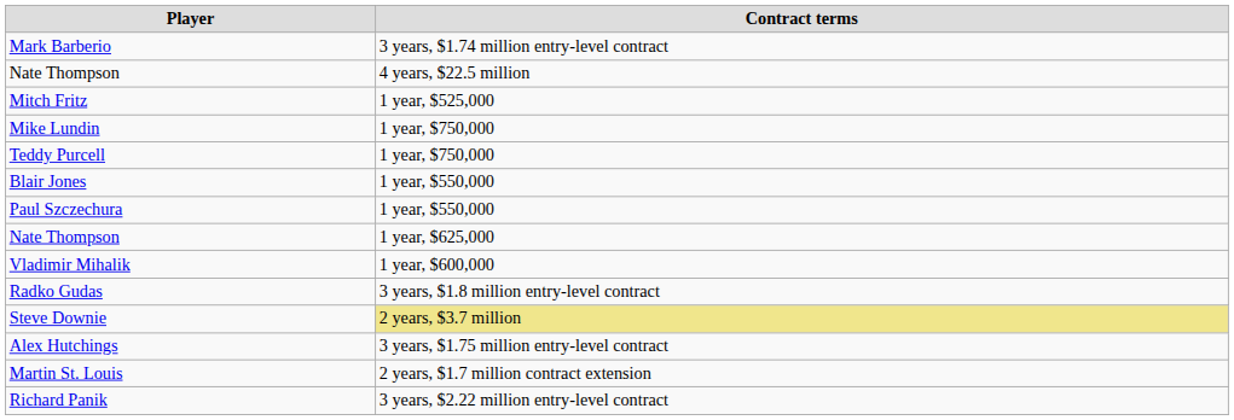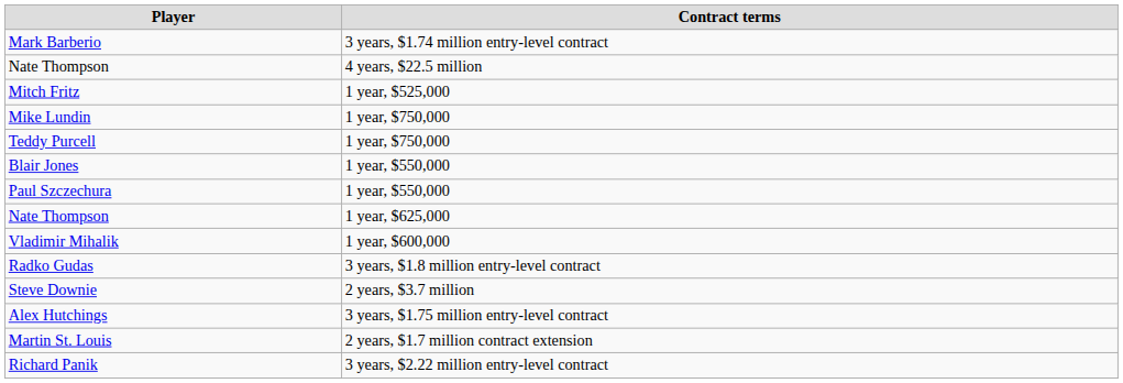 <table class="wikitable" style="width:90%;">
 <tr style="text-align:center; background:#ddd;">
 <td><strong>Player</strong></td>
 <td><strong>Contract terms</strong></td>
 </tr>
 <tr>
 <td><a href='#'>Mark Barberio</a></td>
 <td>3 years, $1.74 million entry-level contract</td>
 </tr>
 <tr>
 <td>Nate Thompson</td>
 <td>4 years, $22.5 million</td>
 </tr>
 <tr>
 <td><a href='#'>Mitch Fritz</a></td>
 <td>1 year, $525,000</td>
 </tr>
 <tr>
 <td><a href='#'>Mike Lundin</a></td>
 <td>1 year, $750,000</td>
 </tr>
 <tr>
 <td><a href='#'>Teddy Purcell</a></td>
 <td>1 year, $750,000</td>
 </tr>
 <tr>
 <td><a href='#'>Blair Jones</a></td>
 <td>1 year, $550,000</td>
 </tr>
 <tr>
 <td><a href='#'>Paul Szczechura</a></td>
 <td>1 year, $550,000</td>
 </tr>
 <tr>
 <td><a href='#'>Nate Thompson</a></td>
 <td>1 year, $625,000</td>
 </tr>
 <tr>
 <td><a href='#'>Vladimir Mihalik</a></td>
 <td>1 year, $600,000</td>
 </tr>
 <tr>
 <td><a href='#'>Radko Gudas</a></td>
 <td>3 years, $1.8 million entry-level contract</td>
 </tr>
 <tr>
 <td><a href='#'>Steve Downie</a></td>
-<td style="background: khaki;">2 years, $3.7 million</td>
+<td>2 years, $3.7 million</td>
 </tr>
 <tr>
 <td><a href='#'>Alex Hutchings</a></td>
 <td>3 years, $1.75 million entry-level contract</td>
 </tr>
 <tr>
 <td><a href='#'>Martin St. Louis</a></td>
 <td>2 years, $1.7 million contract extension</td>
 </tr>
 <tr>
 <td><a href='#'>Richard Panik</a></td>
 <td>3 years, $2.22 million entry-level contract</td>
 </tr>
 </table>
